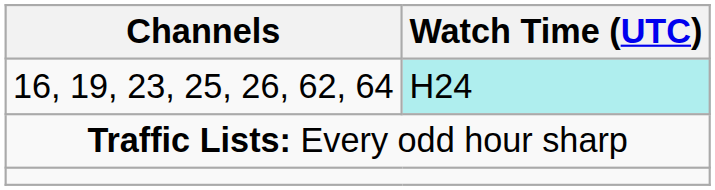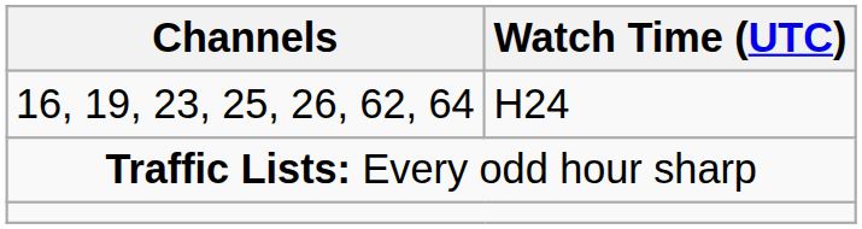 <table class="wikitable collapsible collapsed" style="border:#bbb; margin:.46em 0 0 .2em; margin:auto">
 <tr>
 <th>Channels</th>
 <th>Watch Time (<a href='#'>UTC</a>)</th>
 </tr>
 <tr>
 <td>16, 19, 23, 25, 26, 62, 64</td>
-<td style="background: paleturquoise;">H24</td>
+<td>H24</td>
 </tr>
 <tr>
 <td colspan="4" style="text-align: center;"><strong>Traffic Lists:</strong> Every odd hour sharp</td>
 </tr>
 <tr>
 <td colspan="4" style="text-align: center;"></td>
 </tr>
 </table>
